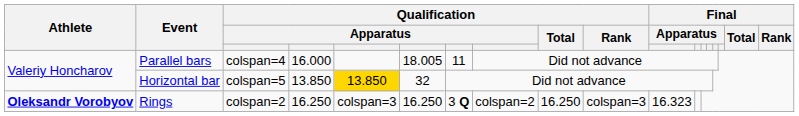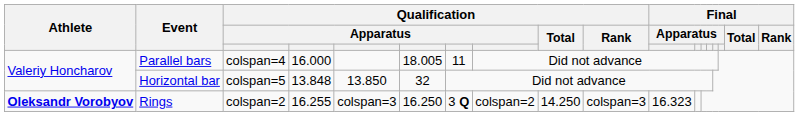 <table class="wikitable" style="font-size:90%">
 <tr>
 <th rowspan=3>Athlete</th>
 <th rowspan=3>Event</th>
 <th colspan =8>Qualification</th>
 <th colspan =8>Final</th>
 </tr>
 <tr style="font-size:95%">
 <th colspan=6>Apparatus</th>
 <th rowspan=2>Total</th>
 <th rowspan=2>Rank</th>
 <th colspan=6>Apparatus</th>
 <th rowspan=2>Total</th>
 <th rowspan=2>Rank</th>
 </tr>
 <tr style="font-size:95%">
 <th></th>
 <th></th>
 <th></th>
 <th></th>
 <th></th>
 <th></th>
 <th></th>
 <th></th>
 <th></th>
 <th></th>
 <th></th>
 <th></th>
 </tr>
 <tr align=center>
 <td align=left rowspan=2><a href='#'>Valeriy Honcharov</a></td>
 <td align=left><a href='#'>Parallel bars</a></td>
 <td>colspan=4 </td>
 <td>16.000</td>
 <td></td>
 <td>18.005</td>
 <td>11</td>
 <td colspan=8>Did not advance</td>
 </tr>
 <tr align=center>
 <td align=left><a href='#'>Horizontal bar</a></td>
 <td>colspan=5 </td>
+<td>13.848</td>
 <td>13.850</td>
-<td style="background: gold;">13.850</td>
 <td>32</td>
 <td colspan=8>Did not advance</td>
 </tr>
 <tr align=center>
 <td align=left><strong><a href='#'>Oleksandr Vorobyov</a></strong></td>
 <td align=left><a href='#'>Rings</a></td>
 <td>colspan=2 </td>
-<td>16.250</td>
+<td>16.255</td>
 <td>colspan=3 </td>
 <td>16.250</td>
 <td>3 <strong>Q</strong></td>
 <td>colspan=2 </td>
-<td>16.250</td>
+<td>14.250</td>
 <td>colspan=3 </td>
 <td>16.323</td>
 <td></td>
 </tr>
 </table>
